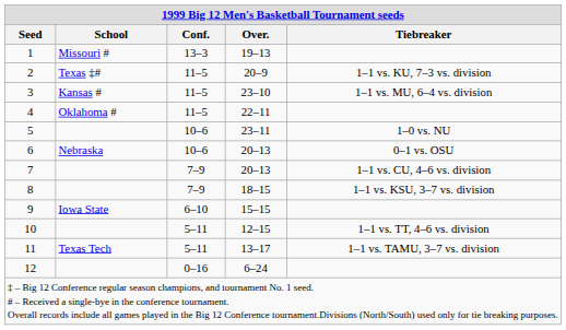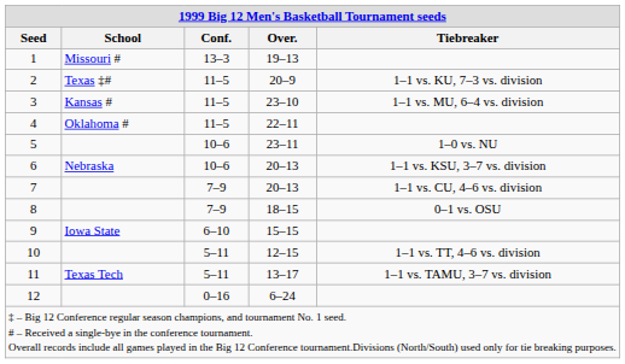 <table class="wikitable" style="white-space:nowrap; font-size:90%;text-align:center">
 <tr>
 <td colspan="10" style="text-align:center; background:#DDDDDD; font:#000000"><strong><a href='#'>1999 Big 12 Men's Basketball Tournament seeds</a></strong></td>
 </tr>
 <tr bgcolor="#efefef">
 <th>Seed</th>
 <th>School</th>
 <th>Conf.</th>
 <th>Over.</th>
 <th>Tiebreaker</th>
 </tr>
 <tr>
 <td>1</td>
 <td align=left><a href='#'>Missouri</a> #</td>
 <td>13–3</td>
 <td>19–13</td>
 <td></td>
 </tr>
 <tr>
 <td>2</td>
 <td align=left><a href='#'>Texas</a> ‡#</td>
 <td>11–5</td>
 <td>20–9</td>
 <td>1–1 vs. KU, 7–3 vs. division</td>
 </tr>
 <tr>
 <td>3</td>
 <td align=left><a href='#'>Kansas</a> #</td>
 <td>11–5</td>
 <td>23–10</td>
 <td>1–1 vs. MU, 6–4 vs. division</td>
 </tr>
 <tr>
 <td>4</td>
 <td align=left><a href='#'>Oklahoma</a> #</td>
 <td>11–5</td>
 <td>22–11</td>
 <td></td>
 </tr>
 <tr>
 <td>5</td>
 <td align=left></td>
 <td>10–6</td>
 <td>23–11</td>
 <td>1–0 vs. NU</td>
 </tr>
 <tr>
 <td>6</td>
 <td align=left><a href='#'>Nebraska</a></td>
 <td>10–6</td>
 <td>20–13</td>
-<td>0–1 vs. OSU</td>
+<td>1–1 vs. KSU, 3–7 vs. division</td>
 </tr>
 <tr>
 <td>7</td>
 <td align=left></td>
 <td>7–9</td>
 <td>20–13</td>
 <td>1–1 vs. CU, 4–6 vs. division</td>
 </tr>
 <tr>
 <td>8</td>
 <td align=left></td>
 <td>7–9</td>
 <td>18–15</td>
-<td>1–1 vs. KSU, 3–7 vs. division</td>
+<td>0–1 vs. OSU</td>
 </tr>
 <tr>
 <td>9</td>
 <td align=left><a href='#'>Iowa State</a></td>
 <td>6–10</td>
 <td>15–15</td>
 <td></td>
 </tr>
 <tr>
 <td>10</td>
 <td align=left></td>
 <td>5–11</td>
 <td>12–15</td>
 <td>1–1 vs. TT, 4–6 vs. division</td>
 </tr>
 <tr>
 <td>11</td>
 <td align=left><a href='#'>Texas Tech</a></td>
 <td>5–11</td>
 <td>13–17</td>
 <td>1–1 vs. TAMU, 3–7 vs. division</td>
 </tr>
 <tr>
 <td>12</td>
 <td align=left></td>
 <td>0–16</td>
 <td>6–24</td>
 <td></td>
 </tr>
 <tr>
 <td colspan="10" style="text-align:left;"><small>‡ – Big 12 Conference regular season champions, and tournament No. 1 seed.<br># – Received a single-bye in the conference tournament.<br>Overall records include all games played in the Big 12 Conference tournament.</small><small>Divisions (North/South) used only for tie breaking purposes.</small></td>
 </tr>
 </table>
